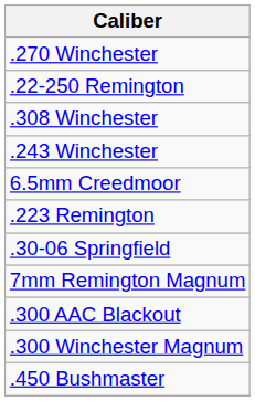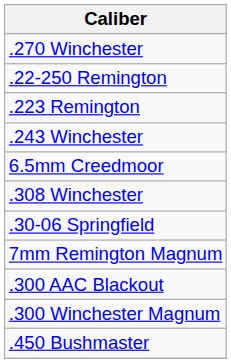 <table class="wikitable">
 <tr>
 <th>Caliber</th>
 </tr>
 <tr>
 <td><a href='#'>.270 Winchester</a></td>
 </tr>
 <tr>
 <td><a href='#'>.22-250 Remington</a></td>
 </tr>
 <tr>
-<td><a href='#'>.308 Winchester</a></td>
+<td><a href='#'>.223 Remington</a></td>
 </tr>
 <tr>
 <td><a href='#'>.243 Winchester</a></td>
 </tr>
 <tr>
 <td><a href='#'>6.5mm Creedmoor</a></td>
 </tr>
 <tr>
-<td><a href='#'>.223 Remington</a></td>
+<td><a href='#'>.308 Winchester</a></td>
 </tr>
 <tr>
 <td><a href='#'>.30-06 Springfield</a></td>
 </tr>
 <tr>
 <td><a href='#'>7mm Remington Magnum</a></td>
 </tr>
 <tr>
 <td><a href='#'>.300 AAC Blackout</a></td>
 </tr>
 <tr>
 <td><a href='#'>.300 Winchester Magnum</a></td>
 </tr>
 <tr>
 <td><a href='#'>.450 Bushmaster</a></td>
 </tr>
 <tr>
 </tr>
 </table>
